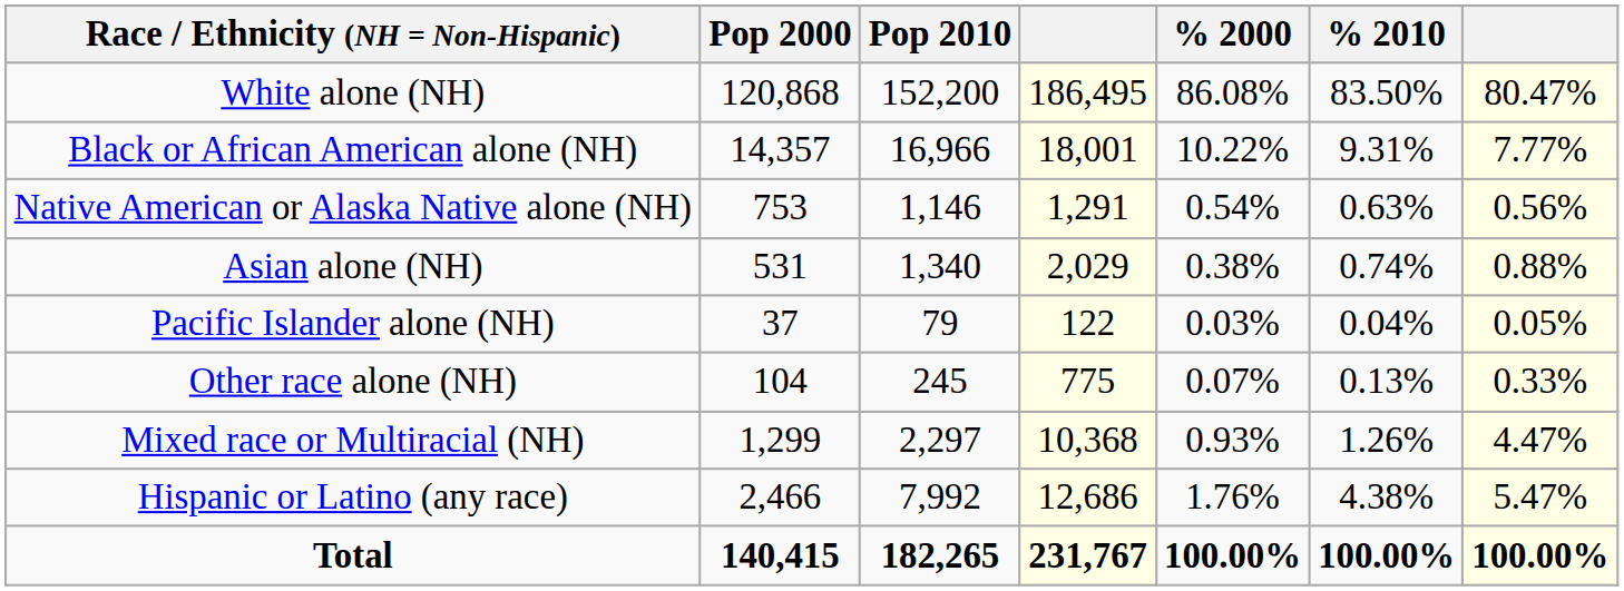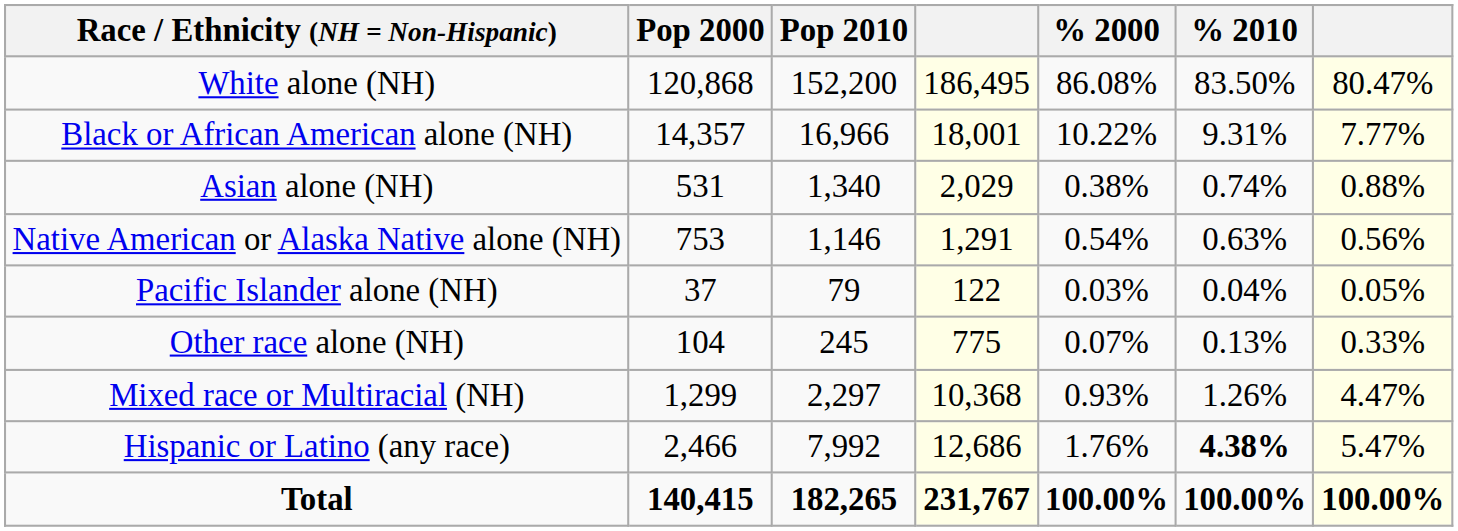 <table class="wikitable" style="text-align:center;">
 <tr>
 <th>Race / Ethnicity <small>(<em>NH = Non-Hispanic</em>)</small></th>
 <th>Pop 2000</th>
 <th>Pop 2010</th>
 <th></th>
 <th>% 2000</th>
 <th>% 2010</th>
 <th></th>
 </tr>
 <tr>
 <td><a href='#'>White</a> alone (NH)</td>
 <td>120,868</td>
 <td>152,200</td>
 <td style='background: #ffffe6;'>186,495</td>
 <td>86.08%</td>
 <td>83.50%</td>
 <td style='background: #ffffe6;'>80.47%</td>
 </tr>
 <tr>
 <td><a href='#'>Black or African American</a> alone (NH)</td>
 <td>14,357</td>
 <td>16,966</td>
 <td style='background: #ffffe6;'>18,001</td>
 <td>10.22%</td>
 <td>9.31%</td>
 <td style='background: #ffffe6;'>7.77%</td>
 </tr>
 <tr>
+<td><a href='#'>Asian</a> alone (NH)</td>
+<td>531</td>
+<td>1,340</td>
+<td style='background: #ffffe6;'>2,029</td>
+<td>0.38%</td>
+<td>0.74%</td>
+<td style='background: #ffffe6;'>0.88%</td>
+</tr>
+<tr>
 <td><a href='#'>Native American</a> or <a href='#'>Alaska Native</a> alone (NH)</td>
 <td>753</td>
 <td>1,146</td>
 <td style='background: #ffffe6;'>1,291</td>
 <td>0.54%</td>
 <td>0.63%</td>
 <td style='background: #ffffe6;'>0.56%</td>
-</tr>
-<tr>
-<td><a href='#'>Asian</a> alone (NH)</td>
-<td>531</td>
-<td>1,340</td>
-<td style='background: #ffffe6;'>2,029</td>
-<td>0.38%</td>
-<td>0.74%</td>
-<td style='background: #ffffe6;'>0.88%</td>
 </tr>
 <tr>
 <td><a href='#'>Pacific Islander</a> alone (NH)</td>
 <td>37</td>
 <td>79</td>
 <td style='background: #ffffe6;'>122</td>
 <td>0.03%</td>
 <td>0.04%</td>
 <td style='background: #ffffe6;'>0.05%</td>
 </tr>
 <tr>
 <td><a href='#'>Other race</a> alone (NH)</td>
 <td>104</td>
 <td>245</td>
 <td style='background: #ffffe6;'>775</td>
 <td>0.07%</td>
 <td>0.13%</td>
 <td style='background: #ffffe6;'>0.33%</td>
 </tr>
 <tr>
 <td><a href='#'>Mixed race or Multiracial</a> (NH)</td>
 <td>1,299</td>
 <td>2,297</td>
 <td style='background: #ffffe6;'>10,368</td>
 <td>0.93%</td>
 <td>1.26%</td>
 <td style='background: #ffffe6;'>4.47%</td>
 </tr>
 <tr>
 <td><a href='#'>Hispanic or Latino</a> (any race)</td>
 <td>2,466</td>
 <td>7,992</td>
 <td style='background: #ffffe6;'>12,686</td>
 <td>1.76%</td>
-<td>4.38%</td>
+<td><strong>4.38%</strong></td>
 <td style='background: #ffffe6;'>5.47%</td>
 </tr>
 <tr>
 <td><strong>Total</strong></td>
 <td><strong>140,415</strong></td>
 <td><strong>182,265</strong></td>
 <td style='background: #ffffe6;'><strong>231,767</strong></td>
 <td><strong>100.00%</strong></td>
 <td><strong>100.00%</strong></td>
 <td style='background: #ffffe6;'><strong>100.00%</strong></td>
 </tr>
 </table>
